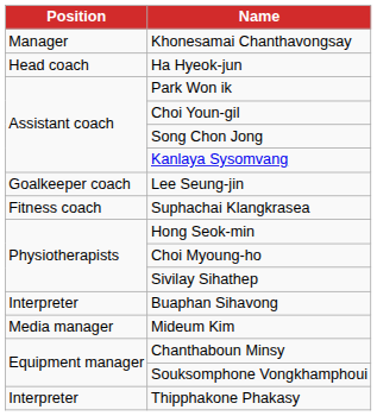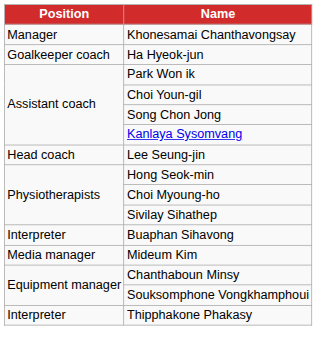 <table class="wikitable">
 <tr>
 <th style="background: #D22B2B; color: #FFFFFF;">Position</th>
 <th style="background: #D22B2B; color: #FFFFFF;">Name</th>
 </tr>
 <tr>
 <td>Manager</td>
 <td> Khonesamai Chanthavongsay</td>
 </tr>
 <tr>
-<td>Head coach</td>
+<td>Goalkeeper coach</td>
 <td> Ha Hyeok-jun</td>
 </tr>
 <tr>
 <td rowspan="4">Assistant coach</td>
 <td> Park Won ik</td>
 </tr>
 <tr>
 <td> Choi Youn-gil</td>
 </tr>
 <tr>
 <td> Song Chon Jong</td>
 </tr>
 <tr>
 <td> <a href='#'>Kanlaya Sysomvang</a></td>
 </tr>
 <tr>
-<td>Goalkeeper coach</td>
+<td>Head coach</td>
 <td> Lee Seung-jin</td>
-</tr>
-<tr>
-<td>Fitness coach</td>
-<td> Suphachai Klangkrasea</td>
 </tr>
 <tr>
 <td rowspan="3">Physiotherapists</td>
 <td> Hong Seok-min</td>
 </tr>
 <tr>
 <td> Choi Myoung-ho</td>
 </tr>
 <tr>
 <td> Sivilay Sihathep</td>
 </tr>
 <tr>
 <td>Interpreter</td>
 <td> Buaphan Sihavong</td>
 </tr>
 <tr>
 <td>Media manager</td>
 <td> Mideum Kim</td>
 </tr>
 <tr>
 <td rowspan="2">Equipment manager</td>
 <td> Chanthaboun Minsy</td>
 </tr>
 <tr>
 <td> Souksomphone Vongkhamphoui</td>
 </tr>
 <tr>
 <td>Interpreter</td>
 <td> Thipphakone Phakasy</td>
 </tr>
 </table>
